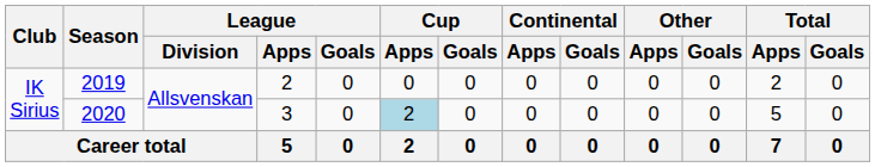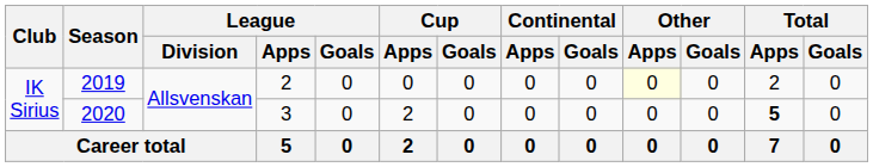 <table class="wikitable" style="text-align: center">
 <tr>
 <th rowspan="2">Club</th>
 <th rowspan="2">Season</th>
 <th colspan="3">League</th>
 <th colspan="2">Cup</th>
 <th colspan="2">Continental</th>
 <th colspan="2">Other</th>
 <th colspan="2">Total</th>
 </tr>
 <tr>
 <th>Division</th>
 <th>Apps</th>
 <th>Goals</th>
 <th>Apps</th>
 <th>Goals</th>
 <th>Apps</th>
 <th>Goals</th>
 <th>Apps</th>
 <th>Goals</th>
 <th>Apps</th>
 <th>Goals</th>
 </tr>
 <tr>
 <td rowspan="2"><a href='#'>IK Sirius</a></td>
 <td><a href='#'>2019</a></td>
 <td rowspan="2"><a href='#'>Allsvenskan</a></td>
 <td>2</td>
 <td>0</td>
 <td>0</td>
 <td>0</td>
 <td>0</td>
 <td>0</td>
-<td>0</td>
+<td style="background: lightyellow;">0</td>
 <td>0</td>
 <td>2</td>
 <td>0</td>
 </tr>
 <tr>
 <td><a href='#'>2020</a></td>
 <td>3</td>
 <td>0</td>
-<td style="background: lightblue;">2</td>
+<td>2</td>
 <td>0</td>
 <td>0</td>
 <td>0</td>
 <td>0</td>
 <td>0</td>
-<td>5</td>
+<td><strong>5</strong></td>
 <td>0</td>
 </tr>
 <tr>
 <th colspan=3>Career total</th>
 <th>5</th>
 <th>0</th>
 <th>2</th>
 <th>0</th>
 <th>0</th>
 <th>0</th>
 <th>0</th>
 <th>0</th>
 <th>7</th>
 <th>0</th>
 </tr>
 </table>
